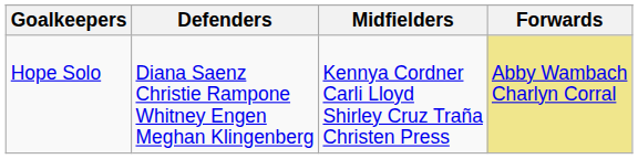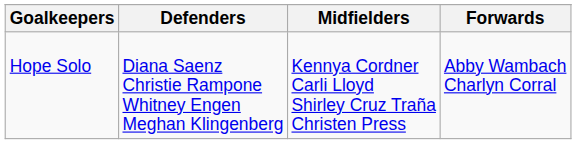 <table class="wikitable" style="mArgin: 0 auto;">
 <tr>
 </tr>
 <tr>
 <th>Goalkeepers</th>
 <th>Defenders</th>
 <th>Midfielders</th>
 <th>Forwards</th>
 </tr>
 <tr>
 <td valign=top><br> <a href='#'>Hope Solo</a></td>
 <td valign=top><br> <a href='#'>Diana Saenz</a><br> <a href='#'>Christie Rampone</a><br> <a href='#'>Whitney Engen</a><br> <a href='#'>Meghan Klingenberg</a></td>
 <td valign=top><br> <a href='#'>Kennya Cordner</a><br> <a href='#'>Carli Lloyd</a><br> <a href='#'>Shirley Cruz Traña</a><br> <a href='#'>Christen Press</a></td>
-<td valign=top style="background: khaki;"><br> <a href='#'>Abby Wambach</a><br> <a href='#'>Charlyn Corral</a></td>
+<td valign=top><br> <a href='#'>Abby Wambach</a><br> <a href='#'>Charlyn Corral</a></td>
 </tr>
 </table>
